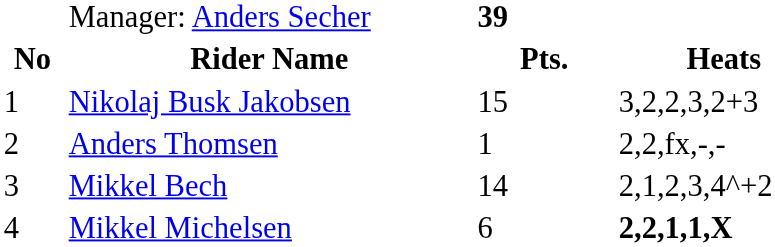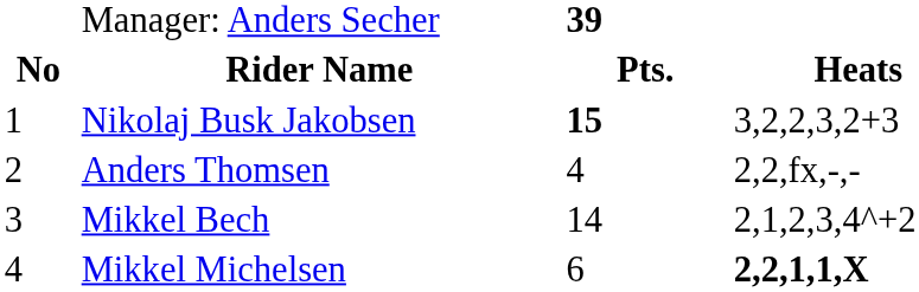 <table class="toccolours">
 <tr>
 <td></td>
 <td>Manager: <a href='#'>Anders Secher</a></td>
 <td><strong>39</strong></td>
 </tr>
 <tr style="background-color:">
 <th width=30px>No</th>
 <th width=210px>Rider Name</th>
 <th width=70px>Pts.</th>
 <th width=110px>Heats</th>
 </tr>
 <tr style="background-color:">
 <td>1</td>
 <td><a href='#'>Nikolaj Busk Jakobsen</a></td>
-<td>15</td>
+<td><strong>15</strong></td>
 <td>3,2,2,3,2+3</td>
 </tr>
 <tr style="background-color:">
 <td>2</td>
 <td><a href='#'>Anders Thomsen</a></td>
-<td>1</td>
+<td>4</td>
 <td>2,2,fx,-,-</td>
 </tr>
 <tr style="background-color:">
 <td>3</td>
 <td><a href='#'>Mikkel Bech</a></td>
 <td>14</td>
 <td>2,1,2,3,4^+2</td>
 </tr>
 <tr style="background-color:">
 <td>4</td>
 <td><a href='#'>Mikkel Michelsen</a></td>
 <td>6</td>
 <td><strong>2,2,1,1,X</strong></td>
 </tr>
 </table>
